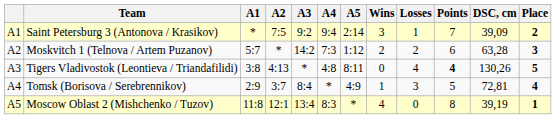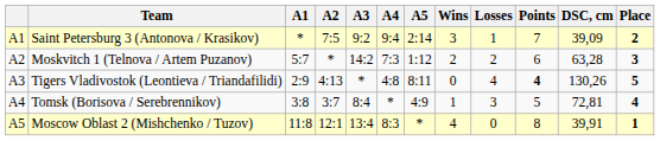 <table class="wikitable" style="text-align:center;">
 <tr>
 <th></th>
 <th>Team</th>
 <th width="25">A1</th>
 <th width="25">A2</th>
 <th width="25">A3</th>
 <th width="25">A4</th>
 <th width="25">A5</th>
 <th>Wins</th>
 <th>Losses</th>
 <th>Points</th>
 <th>DSC, cm</th>
 <th>Place</th>
 </tr>
 <tr bgcolor=#ffc>
 <td>A1</td>
 <td align=left>Saint Petersburg 3 (Antonova / Krasikov)</td>
 <td>*</td>
 <td>7:5</td>
 <td>9:2</td>
 <td>9:4</td>
 <td>2:14</td>
 <td>3</td>
 <td>1</td>
 <td>7</td>
 <td>39,09</td>
 <td><strong>2</strong></td>
 </tr>
 <tr>
 <td>A2</td>
 <td align=left>Moskvitch 1 (Telnova / Artem Puzanov)</td>
 <td>5:7</td>
 <td>*</td>
 <td>14:2</td>
 <td>7:3</td>
 <td>1:12</td>
 <td>2</td>
 <td>2</td>
 <td>6</td>
 <td>63,28</td>
 <td><strong>3</strong></td>
 </tr>
 <tr>
 <td>A3</td>
 <td align=left>Tigers Vladivostok (Leontieva / Triandafilidi)</td>
-<td>3:8</td>
+<td>2:9</td>
 <td>4:13</td>
 <td>*</td>
 <td>4:8</td>
 <td>8:11</td>
 <td>0</td>
 <td>4</td>
 <td><strong>4</strong></td>
 <td>130,26</td>
 <td><strong>5</strong></td>
 </tr>
 <tr>
 <td>A4</td>
 <td align=left>Tomsk (Borisova / Serebrennikov)</td>
-<td>2:9</td>
+<td>3:8</td>
 <td>3:7</td>
 <td>8:4</td>
 <td>*</td>
 <td>4:9</td>
 <td>1</td>
 <td>3</td>
 <td>5</td>
 <td>72,81</td>
 <td><strong>4</strong></td>
 </tr>
 <tr bgcolor=#ffc>
 <td>A5</td>
 <td align=left>Moscow Oblast 2 (Mishchenko / Tuzov)</td>
 <td>11:8</td>
 <td>12:1</td>
 <td>13:4</td>
 <td>8:3</td>
 <td>*</td>
 <td>4</td>
 <td>0</td>
 <td>8</td>
-<td>39,19</td>
+<td>39,91</td>
 <td><strong>1</strong></td>
 </tr>
 </table>
